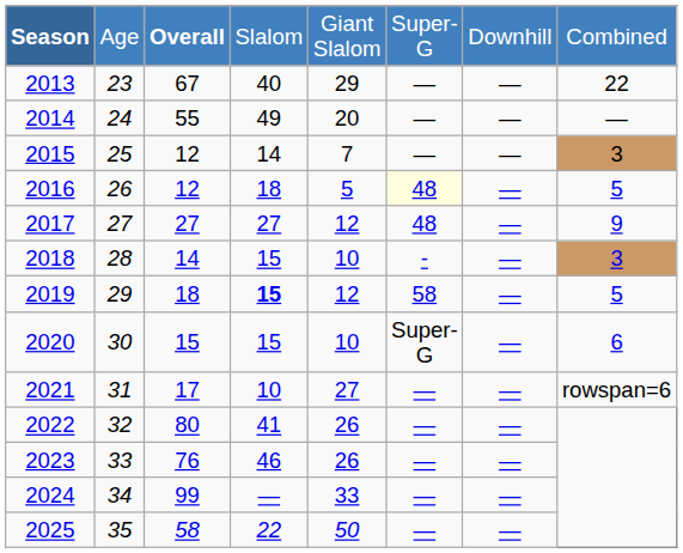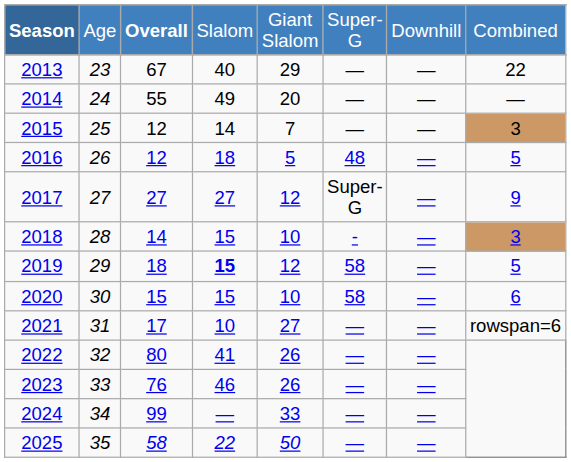 <table class="wikitable" style="font-size:95%; text-align:center; border:grey solid 1px; border-collapse:collapse;" width="35%">
 <tr style="background-color:#369; color:white;">
 <td rowspan="2" colspan="1" width="3%"><strong>Season</strong></td>
 </tr>
 <tr style="background-color:#4180be; color:white;">
 <td width="3%">Age</td>
 <td width="4%"><strong>Overall</strong></td>
 <td width="4%">Slalom</td>
 <td width="4%">Giant<br>Slalom</td>
 <td width="4%">Super-G</td>
 <td width="4%">Downhill</td>
 <td width="4%">Combined</td>
 </tr>
 <tr style="background-color:#8CB2D8; color:white;">
 </tr>
 <tr>
 <td><a href='#'>2013</a></td>
 <td><em>23</em></td>
 <td>67</td>
 <td>40</td>
 <td>29</td>
 <td>—</td>
 <td>—</td>
 <td>22</td>
 </tr>
 <tr>
 <td><a href='#'>2014</a></td>
 <td><em>24</em></td>
 <td>55</td>
 <td>49</td>
 <td>20</td>
 <td>—</td>
 <td>—</td>
 <td>—</td>
 </tr>
 <tr>
 <td><a href='#'>2015</a></td>
 <td><em>25</em></td>
 <td>12</td>
 <td>14</td>
 <td>7</td>
 <td>—</td>
 <td>—</td>
 <td style="background:#cc9966">3</td>
 </tr>
 <tr>
 <td><a href='#'>2016</a></td>
 <td><em>26</em></td>
 <td><a href='#'>12</a></td>
 <td><a href='#'>18</a></td>
 <td><a href='#'>5</a></td>
-<td style="background: lightyellow;"><a href='#'>48</a></td>
+<td><a href='#'>48</a></td>
 <td><a href='#'>—</a></td>
 <td><a href='#'>5</a></td>
 </tr>
 <tr>
 <td><a href='#'>2017</a></td>
 <td><em>27</em></td>
 <td><a href='#'>27</a></td>
 <td><a href='#'>27</a></td>
 <td><a href='#'>12</a></td>
-<td><a href='#'>48</a></td>
+<td width="4%">Super-G</td>
 <td><a href='#'>—</a></td>
 <td><a href='#'>9</a></td>
 </tr>
 <tr>
 <td><a href='#'>2018</a></td>
 <td><em>28</em></td>
 <td><a href='#'>14</a></td>
 <td><a href='#'>15</a></td>
 <td><a href='#'>10</a></td>
 <td><a href='#'>-</a></td>
 <td><a href='#'>—</a></td>
 <td style="background:#cc9966"><a href='#'>3</a></td>
 </tr>
 <tr>
 <td><a href='#'>2019</a></td>
 <td><em>29</em></td>
 <td><a href='#'>18</a></td>
 <td><strong><a href='#'>15</a></strong></td>
 <td><a href='#'>12</a></td>
 <td><a href='#'>58</a></td>
 <td><a href='#'>—</a></td>
 <td><a href='#'>5</a></td>
 </tr>
 <tr>
 <td><a href='#'>2020</a></td>
 <td><em>30</em></td>
 <td><a href='#'>15</a></td>
 <td><a href='#'>15</a></td>
 <td><a href='#'>10</a></td>
-<td width="4%">Super-G</td>
+<td><a href='#'>58</a></td>
 <td><a href='#'>—</a></td>
 <td><a href='#'>6</a></td>
 </tr>
 <tr>
 <td><a href='#'>2021</a></td>
 <td><em>31</em></td>
 <td><a href='#'>17</a></td>
 <td><a href='#'>10</a></td>
 <td><a href='#'>27</a></td>
 <td><a href='#'>—</a></td>
 <td><a href='#'>—</a></td>
 <td>rowspan=6 </td>
 </tr>
 <tr>
 <td><a href='#'>2022</a></td>
 <td><em>32</em></td>
 <td><a href='#'>80</a></td>
 <td><a href='#'>41</a></td>
 <td><a href='#'>26</a></td>
 <td><a href='#'>—</a></td>
 <td><a href='#'>—</a></td>
 </tr>
 <tr>
 <td><a href='#'>2023</a></td>
 <td><em>33</em></td>
 <td><a href='#'>76</a></td>
 <td><a href='#'>46</a></td>
 <td><a href='#'>26</a></td>
 <td><a href='#'>—</a></td>
 <td><a href='#'>—</a></td>
 </tr>
 <tr>
 <td><a href='#'>2024</a></td>
 <td><em>34</em></td>
 <td><a href='#'>99</a></td>
 <td><a href='#'>—</a></td>
 <td><a href='#'>33</a></td>
 <td><a href='#'>—</a></td>
 <td><a href='#'>—</a></td>
 </tr>
 <tr>
 <td><a href='#'>2025</a></td>
 <td><em>35</em></td>
 <td><a href='#'><em>58</em></a></td>
 <td><a href='#'><em>22</em></a></td>
 <td><a href='#'><em>50</em></a></td>
 <td><a href='#'>—</a></td>
 <td><a href='#'>—</a></td>
 </tr>
 </table>
